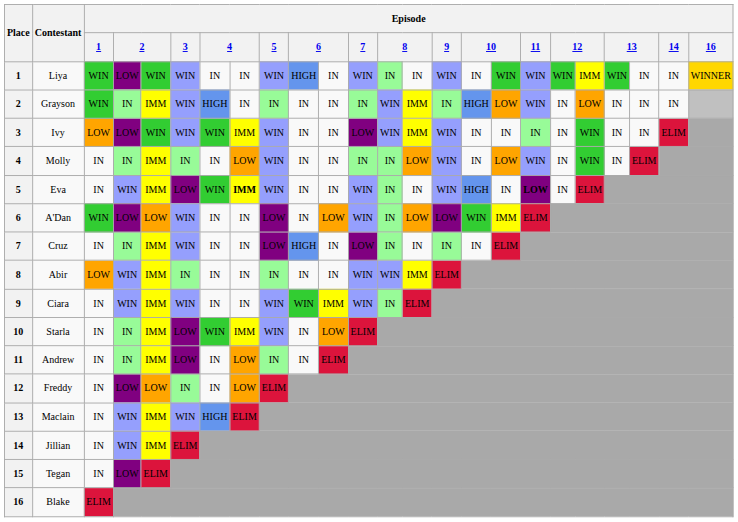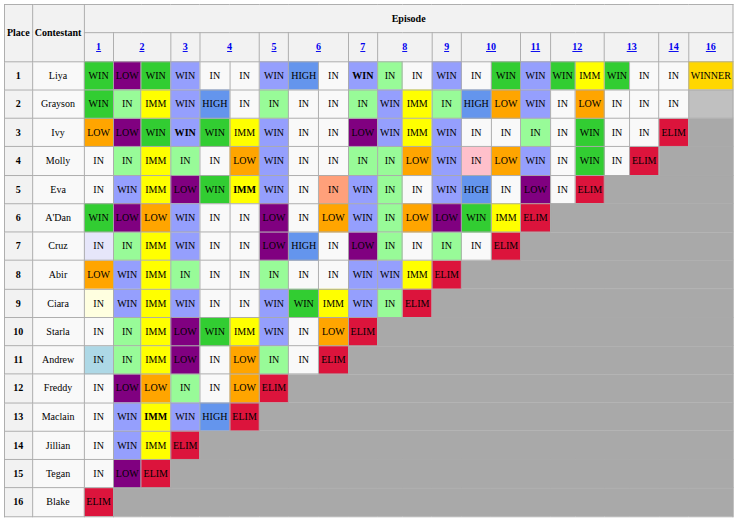 <table class="wikitable" style="text-align: center; font-size: 8pt; line-height:25px;">
 <tr>
 <th rowspan="2">Place</th>
 <th rowspan="2">Contestant</th>
 <th colspan="22">Episode</th>
 </tr>
 <tr>
 <th><a href='#'>1</a></th>
 <th colspan="2"><a href='#'>2</a></th>
 <th><a href='#'>3</a></th>
 <th colspan="2"><a href='#'>4</a></th>
 <th><a href='#'>5</a></th>
 <th colspan="2"><a href='#'>6</a></th>
 <th><a href='#'>7</a></th>
 <th colspan="2"><a href='#'>8</a></th>
 <th><a href='#'>9</a></th>
 <th colspan="2"><a href='#'>10</a></th>
 <th><a href='#'>11</a></th>
 <th colspan="2"><a href='#'>12</a></th>
 <th colspan="2"><a href='#'>13</a></th>
 <th><a href='#'>14</a></th>
 <th><a href='#'>16</a></th>
 </tr>
 <tr>
 <th>1</th>
 <td>Liya</td>
 <td style="background:limegreen;">WIN</td>
 <td style="background:purple;">LOW</td>
 <td style="background:limegreen;">WIN</td>
 <td style="background:#959FFD;">WIN</td>
 <td>IN</td>
 <td>IN</td>
 <td style="background:#959FFD;">WIN</td>
 <td style="background:cornflowerblue;">HIGH</td>
 <td>IN</td>
-<td style="background:#959FFD;">WIN</td>
+<td style="background:#959FFD;"><strong>WIN</strong></td>
 <td style="background:palegreen;">IN</td>
 <td>IN</td>
 <td style="background:#959FFD;">WIN</td>
 <td>IN</td>
 <td style="background:limegreen;">WIN</td>
 <td style="background:#959FFD;">WIN</td>
 <td style="background:limegreen;">WIN</td>
 <td style="background:yellow;">IMM</td>
 <td style="background:limegreen;">WIN</td>
 <td>IN</td>
 <td>IN</td>
 <td style="background:gold;">WINNER</td>
 </tr>
 <tr>
 <th>2</th>
 <td>Grayson</td>
 <td style="background:limegreen;">WIN</td>
 <td style="background:palegreen;">IN</td>
 <td style="background:yellow;">IMM</td>
 <td style="background:#959FFD;">WIN</td>
 <td style="background:cornflowerblue;">HIGH</td>
 <td>IN</td>
 <td style="background:palegreen;">IN</td>
 <td>IN</td>
 <td>IN</td>
 <td style="background:palegreen;">IN</td>
 <td style="background:#959FFD;">WIN</td>
 <td style="background:yellow;">IMM</td>
 <td style="background:palegreen;">IN</td>
 <td style="background:cornflowerblue;">HIGH</td>
 <td style="background:orange;">LOW</td>
 <td style="background:#959FFD;">WIN</td>
 <td>IN</td>
 <td style="background:orange;">LOW</td>
 <td>IN</td>
 <td>IN</td>
 <td>IN</td>
 <td style="background:silver;"></td>
 </tr>
 <tr>
 <th>3</th>
 <td>Ivy</td>
 <td style="background:orange;">LOW</td>
 <td style="background:purple;">LOW</td>
 <td style="background:limegreen;">WIN</td>
-<td style="background:#959FFD;">WIN</td>
+<td style="background:#959FFD;"><strong>WIN</strong></td>
 <td style="background:limegreen;">WIN</td>
 <td style="background:yellow;">IMM</td>
 <td style="background:#959FFD;">WIN</td>
 <td>IN</td>
 <td>IN</td>
 <td style="background:purple;">LOW</td>
 <td style="background:#959FFD;">WIN</td>
 <td style="background:yellow;">IMM</td>
 <td style="background:#959FFD;">WIN</td>
 <td>IN</td>
 <td>IN</td>
 <td style="background:palegreen;">IN</td>
 <td>IN</td>
 <td style="background:limegreen;">WIN</td>
 <td>IN</td>
 <td>IN</td>
 <td style="background:crimson;:">ELIM</td>
 <td style="background:darkgrey;" colspan="1"></td>
 </tr>
 <tr>
 <th>4</th>
 <td>Molly</td>
 <td>IN</td>
 <td style="background:palegreen;">IN</td>
 <td style="background:yellow;">IMM</td>
 <td style="background:palegreen;">IN</td>
 <td>IN</td>
 <td style="background:orange;">LOW</td>
 <td style="background:#959FFD;">WIN</td>
 <td>IN</td>
 <td>IN</td>
 <td style="background:palegreen;">IN</td>
 <td style="background:palegreen;">IN</td>
 <td style="background:orange;">LOW</td>
 <td style="background:#959FFD;">WIN</td>
-<td>IN</td>
+<td style="background: pink;">IN</td>
 <td style="background:orange;">LOW</td>
 <td style="background:#959FFD;">WIN</td>
 <td>IN</td>
 <td style="background:limegreen;">WIN</td>
 <td>IN</td>
 <td style="background:crimson;:">ELIM</td>
 <td style="background:darkgrey;" colspan="2"></td>
 </tr>
 <tr>
 <th>5</th>
 <td>Eva</td>
 <td>IN</td>
 <td style="background:#959FFD;">WIN</td>
 <td style="background:yellow;">IMM</td>
 <td style="background:purple;">LOW</td>
 <td style="background:limegreen;">WIN</td>
 <td style="background:yellow;"><strong>IMM</strong></td>
 <td style="background:#959FFD;">WIN</td>
 <td>IN</td>
-<td>IN</td>
+<td style="background: lightsalmon;">IN</td>
 <td style="background:#959FFD;">WIN</td>
 <td style="background:palegreen;">IN</td>
 <td>IN</td>
 <td style="background:#959FFD;">WIN</td>
 <td style="background:cornflowerblue;">HIGH</td>
 <td>IN</td>
-<td style="background:purple;"><strong>LOW</strong></td>
+<td style="background:purple;">LOW</td>
 <td>IN</td>
 <td style="background:crimson;:">ELIM</td>
 <td style="background:darkgrey;" colspan="4"></td>
 </tr>
 <tr>
 <th>6</th>
 <td>A'Dan</td>
 <td style="background:limegreen;">WIN</td>
 <td style="background:purple;">LOW</td>
 <td style="background:orange;">LOW</td>
 <td style="background:#959FFD;">WIN</td>
 <td>IN</td>
 <td>IN</td>
 <td style="background:purple;">LOW</td>
 <td>IN</td>
 <td style="background:orange;">LOW</td>
 <td style="background:#959FFD;">WIN</td>
 <td style="background:palegreen;">IN</td>
 <td style="background:orange;">LOW</td>
 <td style="background:purple;">LOW</td>
 <td style="background:limegreen;">WIN</td>
 <td style="background:yellow;">IMM</td>
 <td style="background:crimson;:">ELIM</td>
 <td style="background:darkgrey;" colspan="6"></td>
 </tr>
 <tr>
 <th>7</th>
 <td>Cruz</td>
-<td>IN</td>
+<td style="background: lavender;">IN</td>
 <td style="background:palegreen;">IN</td>
 <td style="background:yellow;">IMM</td>
 <td style="background:#959FFD;">WIN</td>
 <td>IN</td>
 <td>IN</td>
 <td style="background:purple;">LOW</td>
 <td style="background:cornflowerblue;">HIGH</td>
 <td>IN</td>
 <td style="background:purple;">LOW</td>
 <td style="background:palegreen;">IN</td>
 <td>IN</td>
 <td style="background:palegreen;">IN</td>
 <td>IN</td>
 <td style="background:crimson;:">ELIM</td>
 <td style="background:darkgrey;" colspan="7"></td>
 </tr>
 <tr>
 <th>8</th>
 <td>Abir</td>
 <td style="background:orange;">LOW</td>
 <td style="background:#959FFD;">WIN</td>
 <td style="background:yellow;">IMM</td>
 <td style="background:palegreen;">IN</td>
 <td>IN</td>
 <td>IN</td>
 <td style="background:palegreen;">IN</td>
 <td>IN</td>
 <td>IN</td>
 <td style="background:#959FFD;">WIN</td>
 <td style="background:#959FFD;">WIN</td>
 <td style="background:yellow;">IMM</td>
 <td style="background:crimson;:">ELIM</td>
 <td style="background:darkgrey;" colspan="9"></td>
 </tr>
 <tr>
 <th>9</th>
 <td>Ciara</td>
-<td>IN</td>
+<td style="background: lightyellow;">IN</td>
 <td style="background:#959FFD;">WIN</td>
 <td style="background:yellow;">IMM</td>
 <td style="background:#959FFD;">WIN</td>
 <td>IN</td>
 <td>IN</td>
 <td style="background:#959FFD;">WIN</td>
 <td style="background:limegreen;">WIN</td>
 <td style="background:yellow;">IMM</td>
 <td style="background:#959FFD;">WIN</td>
 <td style="background:palegreen;">IN</td>
 <td style="background:crimson;:">ELIM</td>
 <td style="background:darkgrey;" colspan="10"></td>
 </tr>
 <tr>
 <th>10</th>
 <td>Starla</td>
 <td>IN</td>
 <td style="background:palegreen;">IN</td>
 <td style="background:yellow;">IMM</td>
 <td style="background:purple;">LOW</td>
 <td style="background:limegreen;">WIN</td>
 <td style="background:yellow;">IMM</td>
 <td style="background:#959FFD;">WIN</td>
 <td>IN</td>
 <td style="background:orange;">LOW</td>
 <td style="background:crimson;:">ELIM</td>
 <td style="background:darkgrey;" colspan="12"></td>
 </tr>
 <tr>
 <th>11</th>
 <td>Andrew</td>
-<td>IN</td>
+<td style="background: lightblue;">IN</td>
 <td style="background:palegreen;">IN</td>
 <td style="background:yellow;">IMM</td>
 <td style="background:purple;">LOW</td>
 <td>IN</td>
 <td style="background:orange;">LOW</td>
 <td style="background:palegreen;">IN</td>
 <td>IN</td>
 <td style="background:crimson;:">ELIM</td>
 <td style="background:darkgrey;" colspan="13"></td>
 </tr>
 <tr>
 <th>12</th>
 <td>Freddy</td>
 <td>IN</td>
 <td style="background:purple;">LOW</td>
 <td style="background:orange;">LOW</td>
 <td style="background:palegreen;">IN</td>
 <td>IN</td>
 <td style="background:orange;">LOW</td>
 <td style="background:crimson;:">ELIM</td>
 <td style="background:darkgrey;" colspan="15"></td>
 </tr>
 <tr>
 <th>13</th>
 <td>Maclain</td>
 <td>IN</td>
 <td style="background:#959FFD;">WIN</td>
-<td style="background:yellow;">IMM</td>
+<td style="background:yellow;"><strong>IMM</strong></td>
 <td style="background:#959FFD;">WIN</td>
 <td style="background:cornflowerblue;">HIGH</td>
 <td style="background:crimson;:">ELIM</td>
 <td style="background:darkgrey;" colspan="16"></td>
 </tr>
 <tr>
 <th>14</th>
 <td>Jillian</td>
 <td>IN</td>
 <td style="background:#959FFD;">WIN</td>
 <td style="background:yellow;">IMM</td>
 <td style="background:crimson;:">ELIM</td>
 <td style="background:darkgrey;" colspan="18"></td>
 </tr>
 <tr>
 <th>15</th>
 <td>Tegan</td>
 <td>IN</td>
 <td style="background:purple;">LOW</td>
 <td style="background:crimson;:">ELIM</td>
 <td style="background:darkgrey;" colspan="19"></td>
 </tr>
 <tr>
 <th>16</th>
 <td>Blake</td>
 <td style="background:crimson;:">ELIM</td>
 <td style="background:darkgrey;" colspan="21"></td>
 </tr>
 </table>
